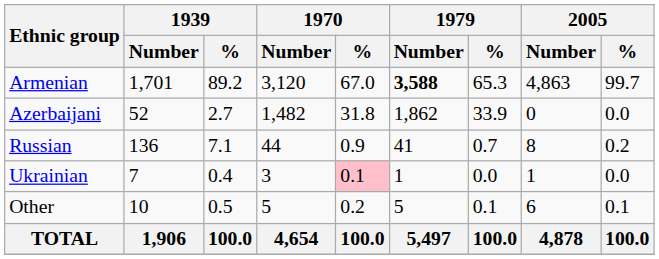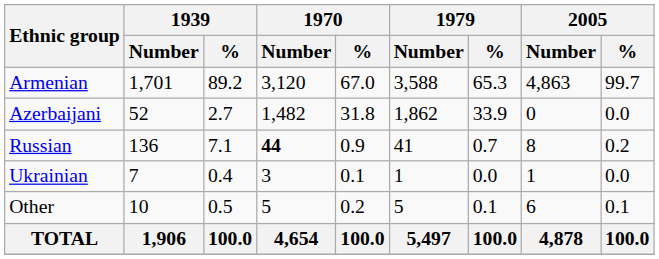 <table class="wikitable sortable">
 <tr>
 <th rowspan="2">Ethnic group</th>
 <th colspan="2">1939</th>
 <th colspan="2">1970</th>
 <th colspan="2">1979</th>
 <th colspan="2">2005</th>
 </tr>
 <tr>
 <th>Number</th>
 <th>%</th>
 <th>Number</th>
 <th>%</th>
 <th>Number</th>
 <th>%</th>
 <th>Number</th>
 <th>%</th>
 </tr>
 <tr>
 <td><a href='#'>Armenian</a></td>
 <td>1,701</td>
 <td>89.2</td>
 <td>3,120</td>
 <td>67.0</td>
-<td><strong>3,588</strong></td>
+<td>3,588</td>
 <td>65.3</td>
 <td>4,863</td>
 <td>99.7</td>
 </tr>
 <tr>
 <td><a href='#'>Azerbaijani</a></td>
 <td>52</td>
 <td>2.7</td>
 <td>1,482</td>
 <td>31.8</td>
 <td>1,862</td>
 <td>33.9</td>
 <td>0</td>
 <td>0.0</td>
 </tr>
 <tr>
 <td><a href='#'>Russian</a></td>
 <td>136</td>
 <td>7.1</td>
-<td>44</td>
+<td><strong>44</strong></td>
 <td>0.9</td>
 <td>41</td>
 <td>0.7</td>
 <td>8</td>
 <td>0.2</td>
 </tr>
 <tr>
 <td><a href='#'>Ukrainian</a></td>
 <td>7</td>
 <td>0.4</td>
 <td>3</td>
-<td style="background: pink;">0.1</td>
+<td>0.1</td>
 <td>1</td>
 <td>0.0</td>
 <td>1</td>
 <td>0.0</td>
 </tr>
 <tr>
 <td>Other</td>
 <td>10</td>
 <td>0.5</td>
 <td>5</td>
 <td>0.2</td>
 <td>5</td>
 <td>0.1</td>
 <td>6</td>
 <td>0.1</td>
 </tr>
 <tr>
 <th>TOTAL</th>
 <th>1,906</th>
 <th>100.0</th>
 <th>4,654</th>
 <th>100.0</th>
 <th>5,497</th>
 <th>100.0</th>
 <th>4,878</th>
 <th>100.0</th>
 </tr>
 <tr>
 </tr>
 </table>
